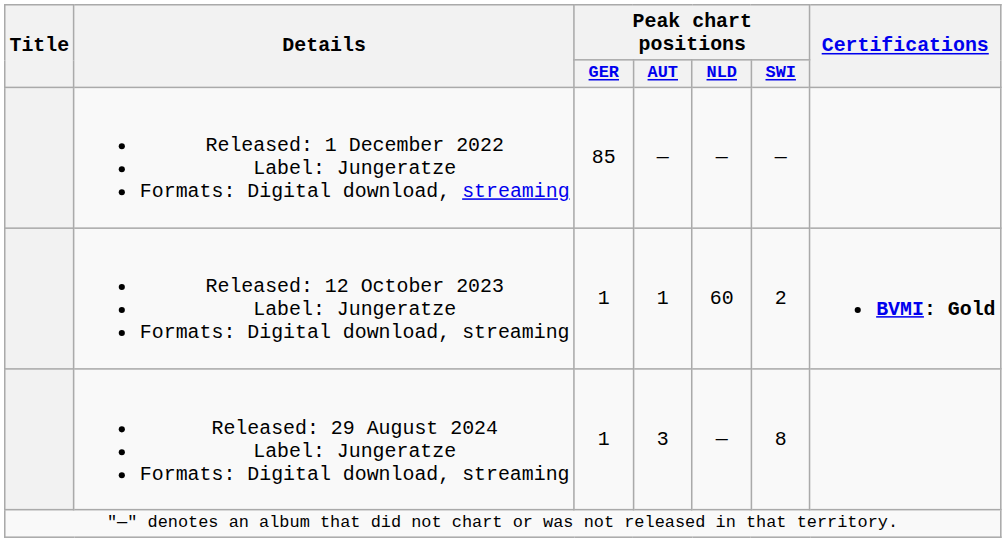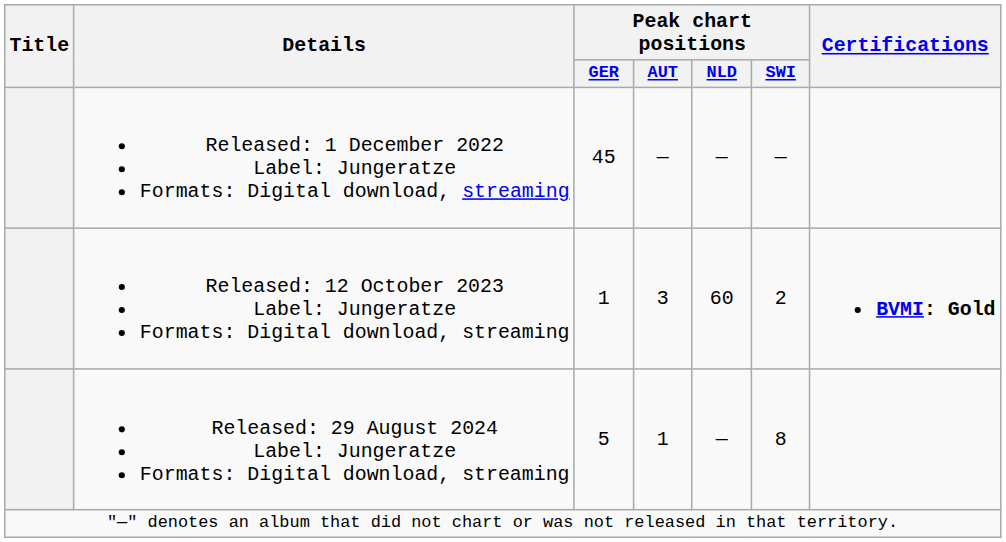 <table class="wikitable plainrowheaders" style="text-align:center;">
 <tr>
 <th scope="col" rowspan="2">Title</th>
 <th scope="col" rowspan="2">Details</th>
 <th scope="col" colspan="4">Peak chart positions</th>
 <th scope="col" rowspan="2"><a href='#'>Certifications</a></th>
 </tr>
 <tr>
 <th scope="col" style="width:3em;font-size:85%;"><a href='#'>GER</a><br></th>
 <th scope="col" style="width:3em;font-size:85%;"><a href='#'>AUT</a><br></th>
 <th scope="col" style="width:3em;font-size:85%;"><a href='#'>NLD</a><br></th>
 <th scope="col" style="width:3em;font-size:85%;"><a href='#'>SWI</a><br></th>
 </tr>
 <tr>
 <th scope="row"></th>
 <td><br><ul><li>Released: 1 December 2022</li><li>Label: Jungeratze</li><li>Formats: Digital download, <a href='#'>streaming</a></li></ul></td>
-<td>85</td>
+<td>45</td>
 <td>—</td>
 <td>—</td>
 <td>—</td>
 <td></td>
 </tr>
 <tr>
 <th scope="row"></th>
 <td><br><ul><li>Released: 12 October 2023</li><li>Label: Jungeratze</li><li>Formats: Digital download, streaming</li></ul></td>
 <td>1</td>
-<td>1</td>
+<td>3</td>
 <td>60</td>
 <td>2</td>
 <td><strong><br><ul><li><a href='#'>BVMI</a>: Gold</li></ul></strong></td>
 </tr>
 <tr>
 <th scope="row"></th>
 <td><br><ul><li>Released: 29 August 2024</li><li>Label: Jungeratze</li><li>Formats: Digital download, streaming</li></ul></td>
+<td>5</td>
 <td>1</td>
-<td>3</td>
 <td>—</td>
 <td>8</td>
 <td></td>
 </tr>
 <tr>
 <td colspan="7" style="font-size:85%">"—" denotes an album that did not chart or was not released in that territory.</td>
 </tr>
 </table>
